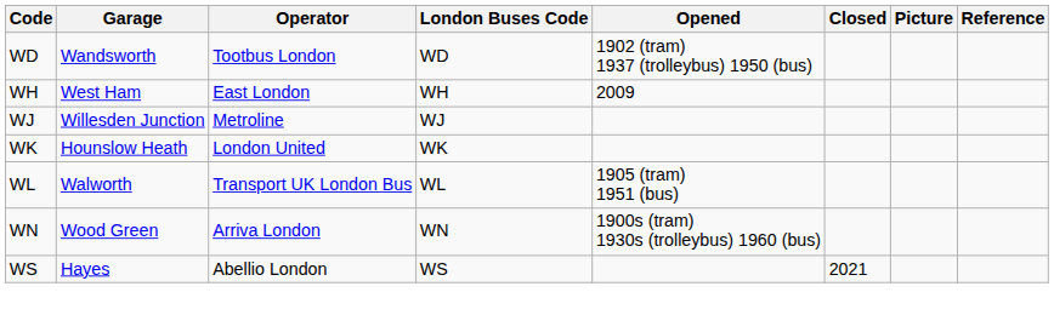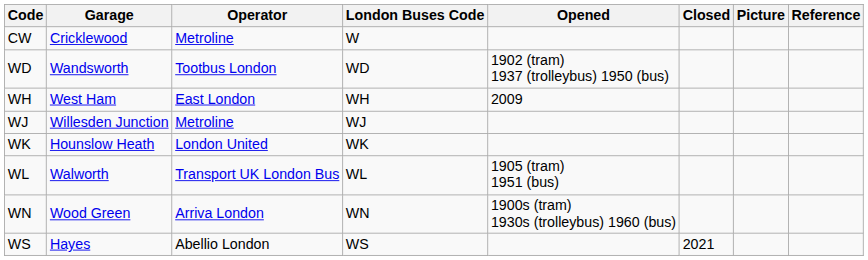 <table class="wikitable">
 <tr>
 <th>Code</th>
 <th>Garage</th>
 <th>Operator</th>
 <th>London Buses Code</th>
 <th>Opened</th>
 <th>Closed</th>
 <th>Picture</th>
 <th>Reference</th>
+</tr>
+<tr>
+<td>CW</td>
+<td><a href='#'>Cricklewood</a></td>
+<td><a href='#'>Metroline</a></td>
+<td>W</td>
+<td></td>
+<td></td>
+<td></td>
+<td></td>
 </tr>
 <tr>
 <td>WD</td>
 <td><a href='#'>Wandsworth</a></td>
 <td><a href='#'>Tootbus London</a></td>
 <td>WD</td>
 <td>1902 (tram)<br>1937 (trolleybus) 1950 (bus)</td>
 <td></td>
 <td></td>
 <td></td>
 </tr>
 <tr>
 <td>WH</td>
 <td><a href='#'>West Ham</a></td>
 <td><a href='#'>East London</a></td>
 <td>WH</td>
 <td>2009</td>
 <td></td>
 <td></td>
 <td></td>
 </tr>
 <tr>
 <td>WJ</td>
 <td><a href='#'>Willesden Junction</a></td>
 <td><a href='#'>Metroline</a></td>
 <td>WJ</td>
 <td></td>
 <td></td>
 <td></td>
 <td></td>
 </tr>
 <tr>
 <td>WK</td>
 <td><a href='#'>Hounslow Heath</a></td>
 <td><a href='#'>London United</a></td>
 <td>WK</td>
 <td></td>
 <td></td>
 <td></td>
 <td></td>
 </tr>
 <tr>
 <td>WL</td>
 <td><a href='#'>Walworth</a></td>
 <td><a href='#'>Transport UK London Bus</a></td>
 <td>WL</td>
 <td>1905 (tram)<br>1951 (bus)</td>
 <td></td>
 <td></td>
 <td></td>
 </tr>
 <tr>
 <td>WN</td>
 <td><a href='#'>Wood Green</a></td>
 <td><a href='#'>Arriva London</a></td>
 <td>WN</td>
 <td>1900s (tram)<br>1930s (trolleybus) 1960 (bus)</td>
 <td></td>
 <td></td>
 <td></td>
 </tr>
 <tr>
 <td>WS</td>
 <td><a href='#'>Hayes</a></td>
 <td>Abellio London</td>
 <td>WS</td>
 <td></td>
 <td>2021</td>
 <td></td>
 <td></td>
 </tr>
 </table>
